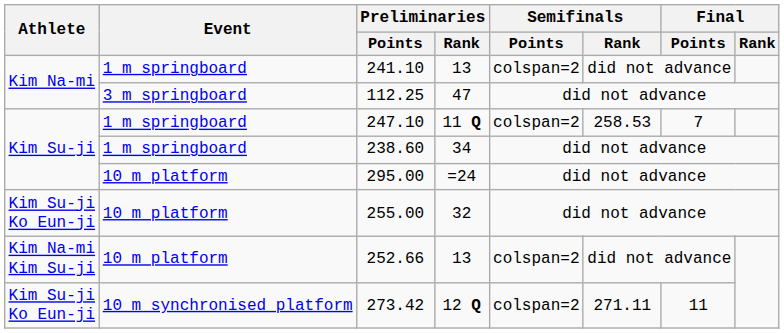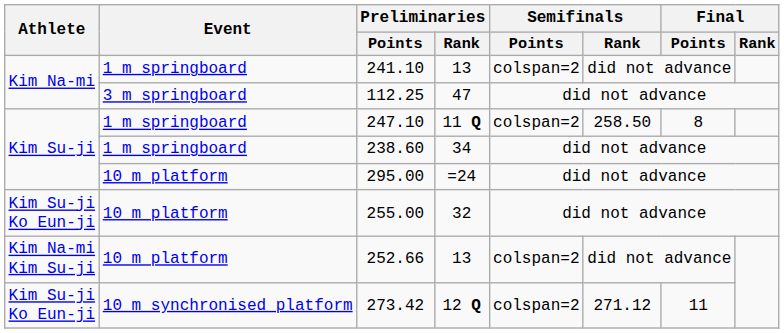 <table class=wikitable style="font-size:90%;">
 <tr>
 <th rowspan="2">Athlete</th>
 <th rowspan="2">Event</th>
 <th colspan="2">Preliminaries</th>
 <th colspan="2">Semifinals</th>
 <th colspan="2">Final</th>
 </tr>
 <tr style="font-size:95%">
 <th>Points</th>
 <th>Rank</th>
 <th>Points</th>
 <th>Rank</th>
 <th>Points</th>
 <th>Rank</th>
 </tr>
 <tr align=center>
 <td align=left rowspan=2><a href='#'>Kim Na-mi</a></td>
 <td align=left><a href='#'>1 m springboard</a></td>
 <td>241.10</td>
 <td>13</td>
 <td>colspan=2 </td>
 <td colspan=2>did not advance</td>
 </tr>
 <tr align=center>
 <td align=left><a href='#'>3 m springboard</a></td>
 <td>112.25</td>
 <td>47</td>
 <td colspan=4>did not advance</td>
 </tr>
 <tr align=center>
 <td align=left rowspan=3><a href='#'>Kim Su-ji</a></td>
 <td align=left><a href='#'>1 m springboard</a></td>
 <td>247.10</td>
 <td>11 <strong>Q</strong></td>
 <td>colspan=2 </td>
-<td>258.53</td>
-<td>7</td>
+<td>258.50</td>
+<td>8</td>
 </tr>
 <tr align=center>
 <td align=left><a href='#'>1 m springboard</a></td>
 <td>238.60</td>
 <td>34</td>
 <td colspan=4>did not advance</td>
 </tr>
 <tr align=center>
 <td align=left><a href='#'>10 m platform</a></td>
 <td>295.00</td>
 <td>=24</td>
 <td colspan=4>did not advance</td>
 </tr>
 <tr align=center>
 <td align=left><a href='#'>Kim Su-ji</a><br><a href='#'>Ko Eun-ji</a></td>
 <td align=left><a href='#'>10 m platform</a></td>
 <td>255.00</td>
 <td>32</td>
 <td colspan=4>did not advance</td>
 </tr>
 <tr align=center>
 <td align=left><a href='#'>Kim Na-mi</a><br><a href='#'>Kim Su-ji</a></td>
 <td align=left><a href='#'>10 m platform</a></td>
 <td>252.66</td>
 <td>13</td>
 <td>colspan=2 </td>
 <td colspan=2>did not advance</td>
 </tr>
 <tr align=center>
 <td align=left><a href='#'>Kim Su-ji</a><br><a href='#'>Ko Eun-ji</a></td>
 <td align=left><a href='#'>10 m synchronised platform</a></td>
 <td>273.42</td>
 <td>12 <strong>Q</strong></td>
 <td>colspan=2 </td>
-<td>271.11</td>
+<td>271.12</td>
 <td>11</td>
 </tr>
 </table>
